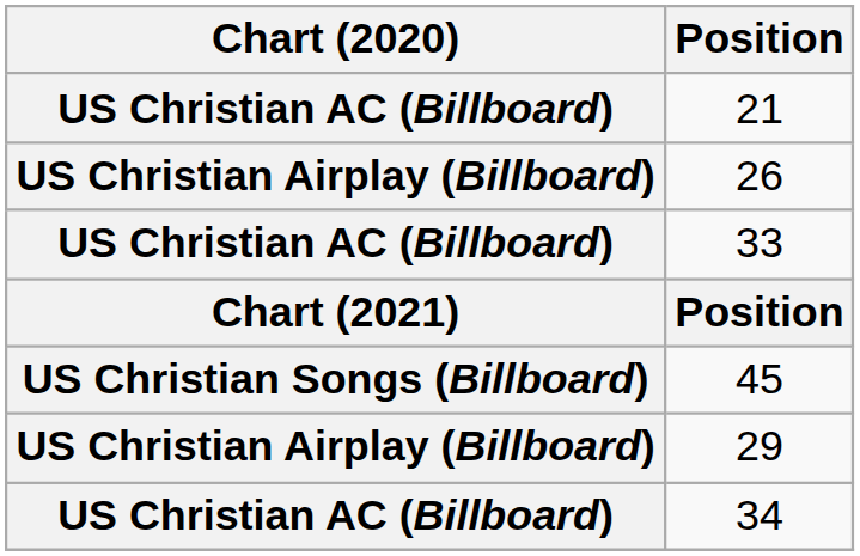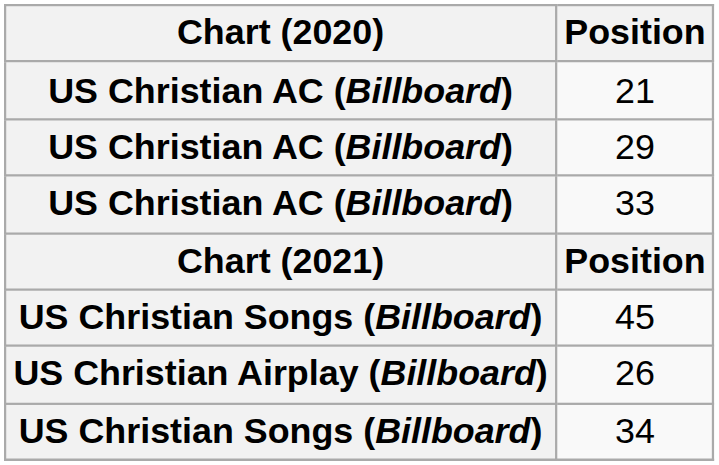 <table class="wikitable plainrowheaders" style="text-align:center">
 <tr>
 <th scope="col">Chart (2020)</th>
 <th scope="col">Position</th>
 </tr>
 <tr>
 <th scope="row">US Christian AC (<em>Billboard</em>)</th>
 <td>21</td>
 </tr>
 <tr>
-<th scope="row">US Christian Airplay (<em>Billboard</em>)</th>
-<td>26</td>
+<th scope="row">US Christian AC (<em>Billboard</em>)</th>
+<td>29</td>
 </tr>
 <tr>
 <th scope="row">US Christian AC (<em>Billboard</em>)</th>
 <td>33</td>
 </tr>
 <tr>
 <th scope="col">Chart (2021)</th>
 <th scope="col">Position</th>
 </tr>
 <tr>
 <th scope="row">US Christian Songs (<em>Billboard</em>)</th>
 <td>45</td>
 </tr>
 <tr>
 <th scope="row">US Christian Airplay (<em>Billboard</em>)</th>
-<td>29</td>
+<td>26</td>
 </tr>
 <tr>
-<th scope="row">US Christian AC (<em>Billboard</em>)</th>
+<th scope="row">US Christian Songs (<em>Billboard</em>)</th>
 <td>34</td>
 </tr>
 <tr>
 </tr>
 </table>
